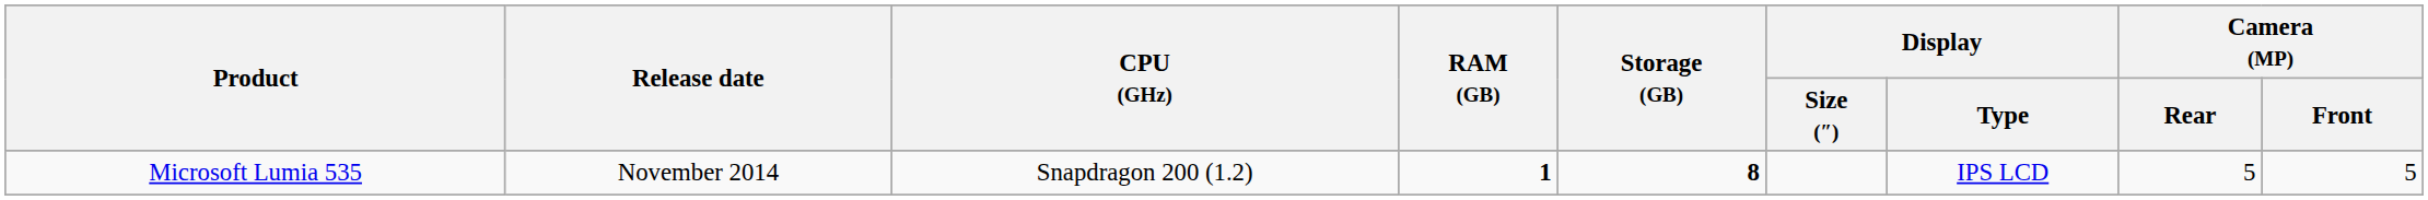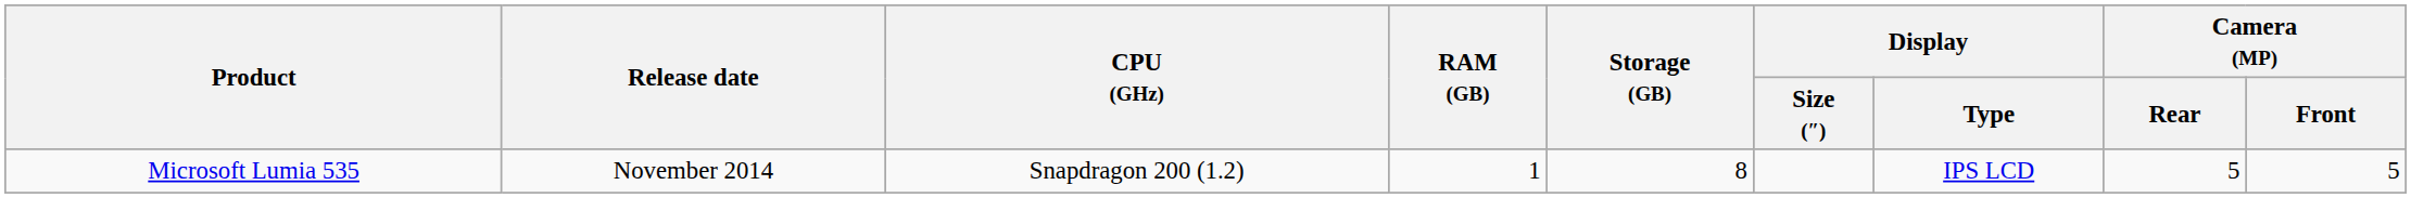 <table class="wikitable sortable" style="font-size: small; text-align: center; width: 100%;">
 <tr>
 <th rowspan="2">Product</th>
 <th rowspan="2">Release date</th>
 <th rowspan="2">CPU <br><small>(GHz)</small></th>
 <th rowspan="2">RAM<br><small>(GB)</small></th>
 <th rowspan="2">Storage<br><small>(GB)</small></th>
 <th colspan="2">Display</th>
 <th colspan="2">Camera<br><small>(MP)</small></th>
 </tr>
 <tr>
 <th>Size<br><small>(″)</small></th>
 <th>Type</th>
 <th>Rear</th>
 <th>Front</th>
 </tr>
 <tr>
 <td><a href='#'>Microsoft Lumia 535</a></td>
 <td>November 2014</td>
 <td>Snapdragon 200 (1.2)</td>
-<td style="text-align:right;"><strong>1</strong></td>
-<td style="text-align:right;"><strong>8</strong></td>
+<td style="text-align:right;">1</td>
+<td style="text-align:right;">8</td>
 <td style="text-align:right;"></td>
 <td><a href='#'>IPS LCD</a></td>
 <td style="text-align:right;">5</td>
 <td style="text-align:right;">5</td>
 </tr>
 </table>
